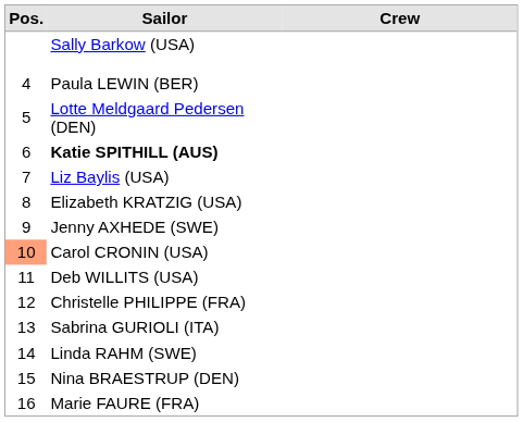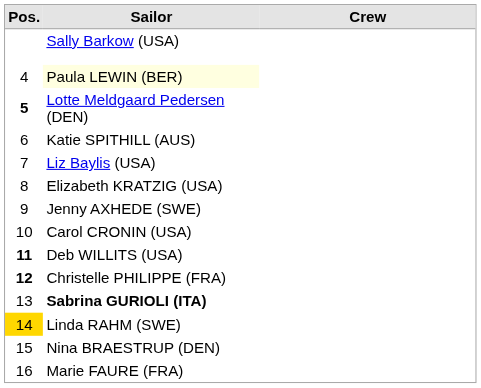 <table cellspacing="0" cellpadding="3" style="border:1px solid #AAAAAA;font-size:90%">
 <tr bgcolor="#E4E4E4">
 <th style="border-bottom:1px solid #AAAAAA" width=10>Pos.</th>
 <th style="border-bottom:1px solid #AAAAAA" width=200>Sailor</th>
 <th style="border-bottom:1px solid #AAAAAA" width=200>Crew</th>
 </tr>
 <tr>
 <td align="center"></td>
 <td><a href='#'>Sally Barkow</a> (USA)</td>
 <td></td>
 </tr>
 <tr>
 <td align="center"></td>
 <td></td>
 <td></td>
 </tr>
 <tr>
 <td align="center"></td>
 <td></td>
 <td></td>
 </tr>
 <tr>
 <td align="center">4</td>
-<td>Paula LEWIN (BER)</td>
+<td style="background: lightyellow;">Paula LEWIN (BER)</td>
 <td></td>
 </tr>
 <tr>
-<td align="center">5</td>
+<td align="center"><strong>5</strong></td>
 <td><a href='#'>Lotte Meldgaard Pedersen</a> (DEN)</td>
 <td></td>
 </tr>
 <tr>
 <td align="center">6</td>
-<td><strong>Katie SPITHILL (AUS)</strong></td>
+<td>Katie SPITHILL (AUS)</td>
 <td></td>
 </tr>
 <tr>
 <td align="center">7</td>
 <td><a href='#'>Liz Baylis</a> (USA)</td>
 <td></td>
 </tr>
 <tr>
 <td align="center">8</td>
 <td>Elizabeth KRATZIG (USA)</td>
 <td></td>
 </tr>
 <tr>
 <td align="center">9</td>
 <td>Jenny AXHEDE (SWE)</td>
 <td></td>
 </tr>
 <tr>
-<td align="center" style="background: lightsalmon;">10</td>
+<td align="center">10</td>
 <td>Carol CRONIN (USA)</td>
 <td></td>
 </tr>
 <tr>
-<td align="center">11</td>
+<td align="center"><strong>11</strong></td>
 <td>Deb WILLITS (USA)</td>
 <td></td>
 </tr>
 <tr>
-<td align="center">12</td>
+<td align="center"><strong>12</strong></td>
 <td>Christelle PHILIPPE (FRA)</td>
 <td></td>
 </tr>
 <tr>
 <td align="center">13</td>
-<td>Sabrina GURIOLI (ITA)</td>
+<td><strong>Sabrina GURIOLI (ITA)</strong></td>
 <td></td>
 </tr>
 <tr>
-<td align="center">14</td>
+<td align="center" style="background: gold;">14</td>
 <td>Linda RAHM (SWE)</td>
 <td></td>
 </tr>
 <tr>
 <td align="center">15</td>
 <td>Nina BRAESTRUP (DEN)</td>
 <td></td>
 </tr>
 <tr>
 <td align="center">16</td>
 <td>Marie FAURE (FRA)</td>
 <td></td>
 </tr>
 <tr>
 </tr>
 </table>
